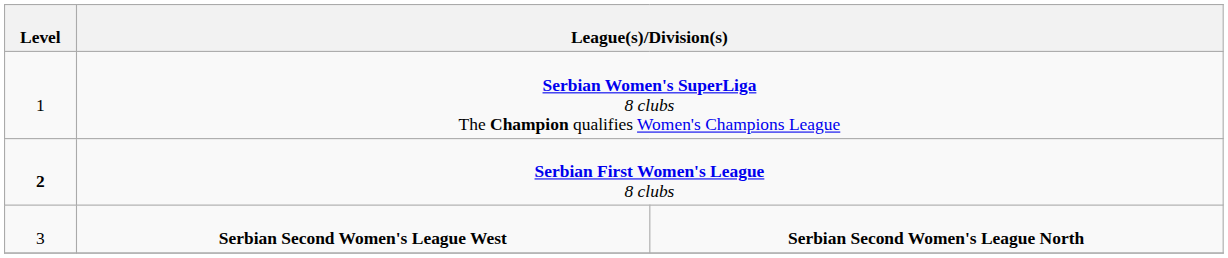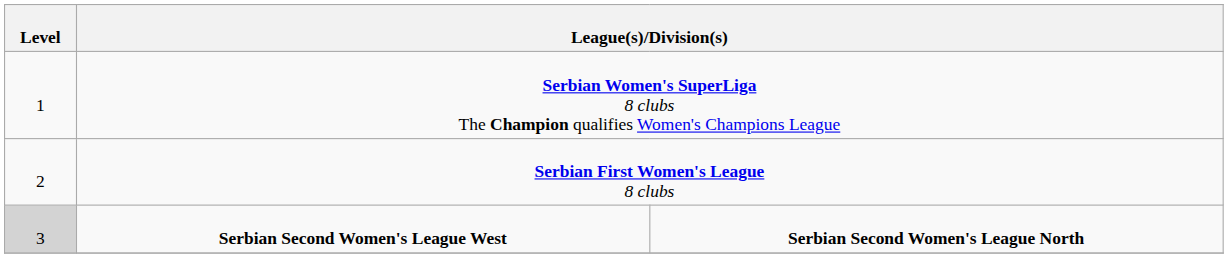 <table class="wikitable" style="text-align: center;">
 <tr>
 <th colspan="1" width="4%"><br>Level</th>
 <th colspan="6" width="96%"><br>League(s)/Division(s)</th>
 </tr>
 <tr>
 <td colspan="1" width="4%"><br>1</td>
 <td colspan="6" width="96%"><br><strong><a href='#'>Serbian Women's SuperLiga</a></strong><br> <em>8 clubs</em><br> The <strong>Champion</strong> qualifies <a href='#'>Women's Champions League</a></td>
 </tr>
 <tr>
-<td colspan="1" width="4%"><strong><br>2</strong></td>
+<td colspan="1" width="4%"><br>2</td>
 <td colspan="6" width="96%"><br><strong><a href='#'>Serbian First Women's League</a></strong><br> <em>8 clubs</em><br></td>
 </tr>
 <tr>
-<td colspan="1" width="4%"><br>3</td>
+<td colspan="1" width="4%" style="background: lightgrey;"><br>3</td>
 <td colspan="2" width="32%"><br><strong>Serbian Second Women's League West</strong><br></td>
 <td colspan="2" width="32%"><br><strong>Serbian Second Women's League North</strong><br></td>
 </tr>
 <tr>
 </tr>
 </table>
